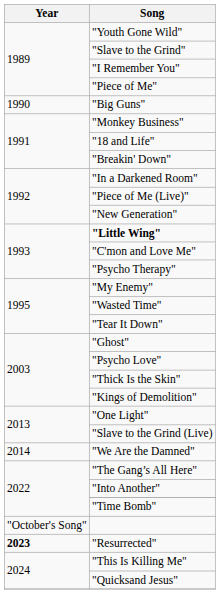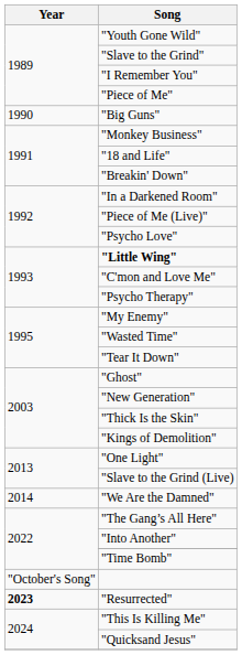 <table class="wikitable">
 <tr>
 <th>Year</th>
 <th>Song</th>
 </tr>
 <tr>
 <td rowspan="4">1989</td>
 <td>"Youth Gone Wild"</td>
 </tr>
 <tr>
 <td>"Slave to the Grind"</td>
 </tr>
 <tr>
 <td>"I Remember You"</td>
 </tr>
 <tr>
 <td>"Piece of Me"</td>
 </tr>
 <tr>
 <td rowspan="1">1990</td>
 <td>"Big Guns"</td>
 </tr>
 <tr>
 <td rowspan="3">1991</td>
 <td>"Monkey Business"</td>
 </tr>
 <tr>
 <td>"18 and Life"</td>
 </tr>
 <tr>
 <td>"Breakin' Down"</td>
 </tr>
 <tr>
 <td rowspan="3">1992</td>
 <td>"In a Darkened Room"</td>
 </tr>
 <tr>
 <td>"Piece of Me (Live)"</td>
 </tr>
 <tr>
-<td>"New Generation"</td>
+<td>"Psycho Love"</td>
 </tr>
 <tr>
 <td rowspan="3">1993</td>
 <td><strong>"Little Wing"</strong></td>
 </tr>
 <tr>
 <td>"C'mon and Love Me"</td>
 </tr>
 <tr>
 <td>"Psycho Therapy"</td>
 </tr>
 <tr>
 <td rowspan="3">1995</td>
 <td>"My Enemy"</td>
 </tr>
 <tr>
 <td>"Wasted Time"</td>
 </tr>
 <tr>
 <td>"Tear It Down"</td>
 </tr>
 <tr>
 <td rowspan="4">2003</td>
 <td>"Ghost"</td>
 </tr>
 <tr>
-<td>"Psycho Love"</td>
+<td>"New Generation"</td>
 </tr>
 <tr>
 <td>"Thick Is the Skin"</td>
 </tr>
 <tr>
 <td>"Kings of Demolition"</td>
 </tr>
 <tr>
 <td rowspan="2">2013</td>
 <td>"One Light"</td>
 </tr>
 <tr>
 <td>"Slave to the Grind (Live)</td>
 </tr>
 <tr>
 <td rowspan="1">2014</td>
 <td>"We Are the Damned"</td>
 </tr>
 <tr>
 <td rowspan="4”">2022</td>
 <td>"The Gang’s All Here"</td>
 </tr>
 <tr>
 <td>"Into Another"</td>
 </tr>
 <tr>
 </tr>
 <tr>
 <td>"Time Bomb"</td>
 </tr>
 <tr>
 <td>"October's Song"</td>
 </tr>
 <tr>
 <td rowspan="1”"><strong>2023</strong></td>
 <td>"Resurrected"</td>
 </tr>
 <tr>
 <td rowspan="2”">2024</td>
 <td>"This Is Killing Me"</td>
 </tr>
 <tr>
 <td>"Quicksand Jesus"</td>
 </tr>
 <tr>
 </tr>
 </table>
